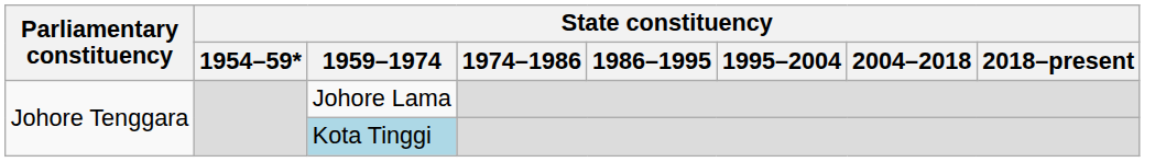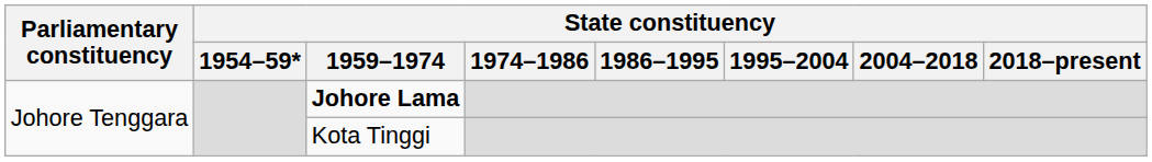 <table class="wikitable">
 <tr>
 <th rowspan="2">Parliamentary<br>constituency</th>
 <th colspan="7">State constituency</th>
 </tr>
 <tr>
 <th>1954–59*</th>
 <th>1959–1974</th>
 <th>1974–1986</th>
 <th>1986–1995</th>
 <th>1995–2004</th>
 <th>2004–2018</th>
 <th>2018–present</th>
 </tr>
 <tr>
 <td rowspan="2">Johore Tenggara</td>
 <td rowspan="2" bgcolor="dcdcdc"></td>
-<td>Johore Lama</td>
+<td><strong>Johore Lama</strong></td>
 <td colspan="5" bgcolor="dcdcdc"></td>
 </tr>
 <tr>
-<td style="background: lightblue;">Kota Tinggi</td>
+<td>Kota Tinggi</td>
 <td colspan="5" bgcolor="dcdcdc"></td>
 </tr>
 </table>
